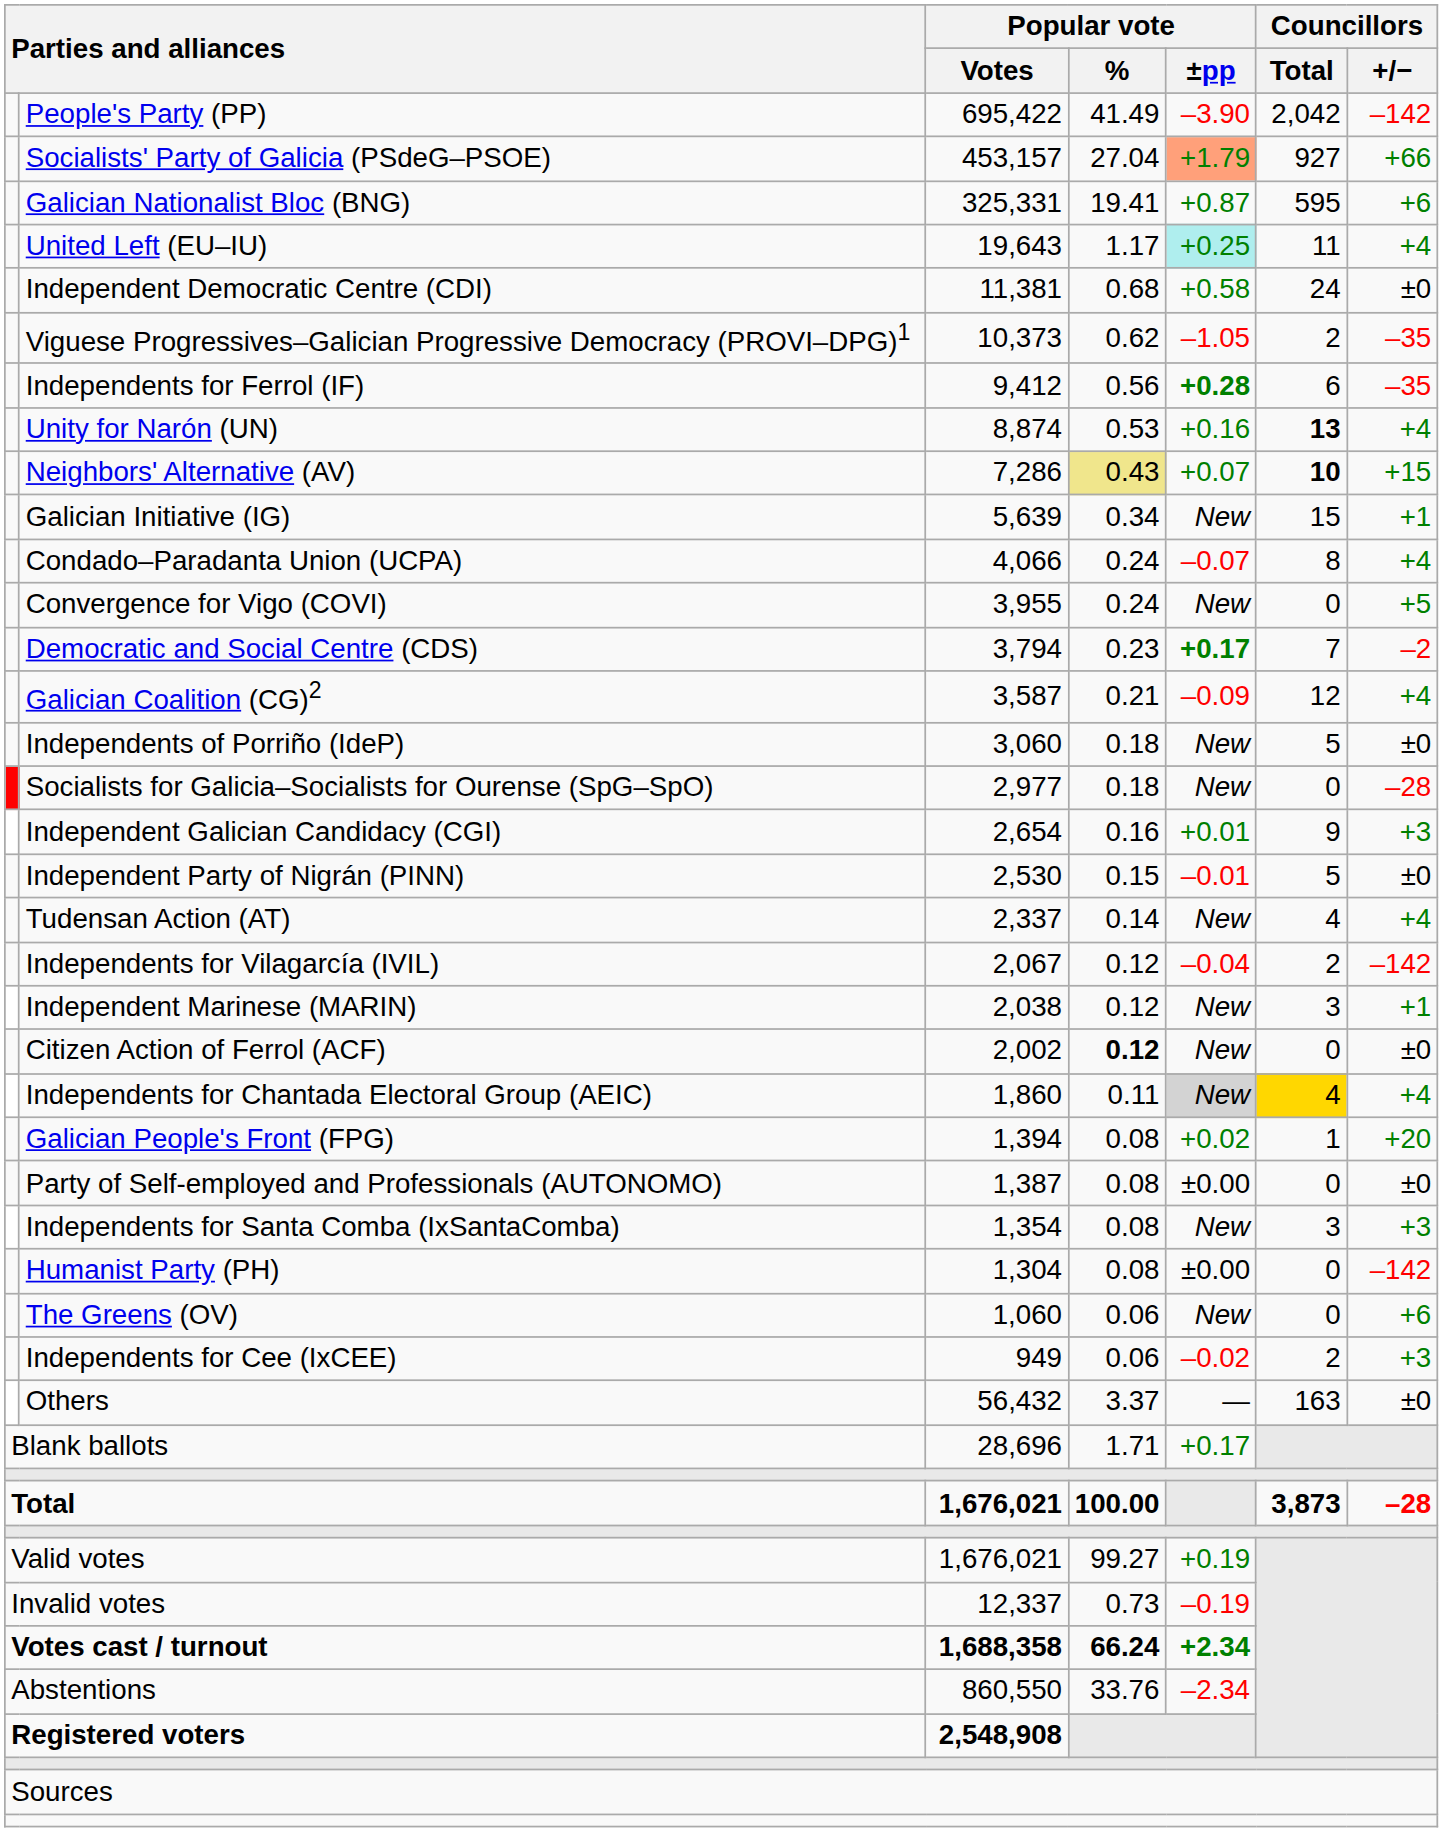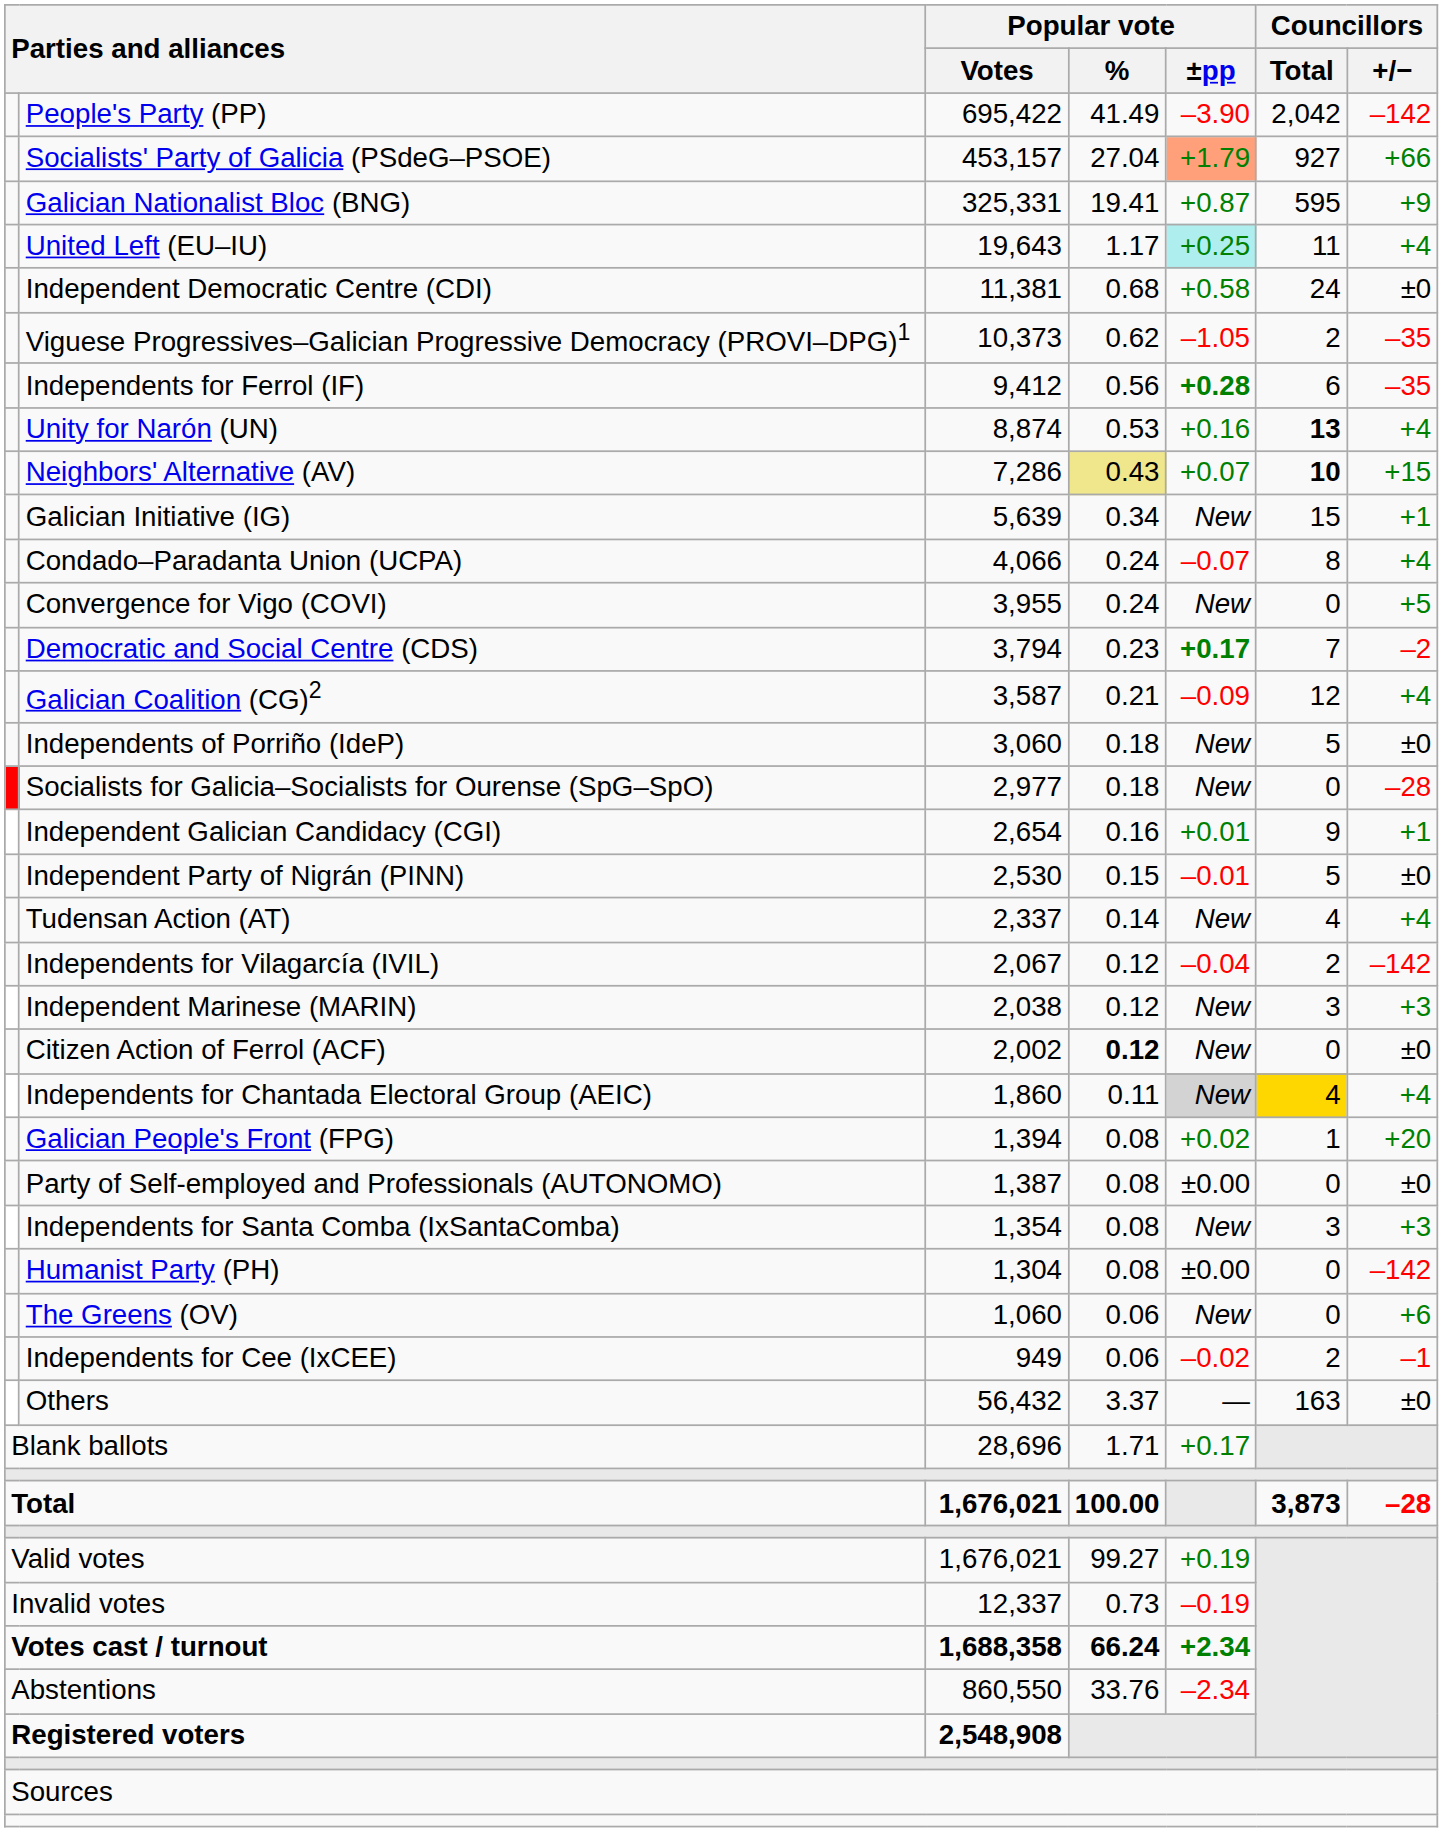 <table class="wikitable" style="text-align:right;">
 <tr>
 <th style="text-align:left;" rowspan="2" colspan="2" width="525">Parties and alliances</th>
 <th colspan="3">Popular vote</th>
 <th colspan="2">Councillors</th>
 </tr>
 <tr>
 <th width="75">Votes</th>
 <th width="45">%</th>
 <th width="45">±<a href='#'>pp</a></th>
 <th width="45">Total</th>
 <th width="45">+/−</th>
 </tr>
 <tr>
 <td width="1" style="color:inherit;background:"></td>
 <td align="left"><a href='#'>People's Party</a> (PP)</td>
 <td>695,422</td>
 <td>41.49</td>
 <td style="color:red;">–3.90</td>
 <td>2,042</td>
 <td style="color:red;">–142</td>
 </tr>
 <tr>
 <td style="color:inherit;background:"></td>
 <td align="left"><a href='#'>Socialists' Party of Galicia</a> (PSdeG–PSOE)</td>
 <td>453,157</td>
 <td>27.04</td>
 <td style="background: lightsalmon; color:green;">+1.79</td>
 <td>927</td>
 <td style="color:green;">+66</td>
 </tr>
 <tr>
 <td style="color:inherit;background:"></td>
 <td align="left"><a href='#'>Galician Nationalist Bloc</a> (BNG)</td>
 <td>325,331</td>
 <td>19.41</td>
 <td style="color:green;">+0.87</td>
 <td>595</td>
-<td style="color:green;">+6</td>
+<td style="color:green;">+9</td>
 </tr>
 <tr>
 <td style="color:inherit;background:"></td>
 <td align="left"><a href='#'>United Left</a> (EU–IU)</td>
 <td>19,643</td>
 <td>1.17</td>
 <td style="background: paleturquoise; color:green;">+0.25</td>
 <td>11</td>
 <td style="color:green;">+4</td>
 </tr>
 <tr>
 <td style="color:inherit;background:"></td>
 <td align="left">Independent Democratic Centre (CDI)</td>
 <td>11,381</td>
 <td>0.68</td>
 <td style="color:green;">+0.58</td>
 <td>24</td>
 <td>±0</td>
 </tr>
 <tr>
 <td style="color:inherit;background:"></td>
 <td align="left">Viguese Progressives–Galician Progressive Democracy (PROVI–DPG)<sup>1</sup></td>
 <td>10,373</td>
 <td>0.62</td>
 <td style="color:red;">–1.05</td>
 <td>2</td>
 <td style="color:red;">–35</td>
 </tr>
 <tr>
 <td style="color:inherit;background:"></td>
 <td align="left">Independents for Ferrol (IF)</td>
 <td>9,412</td>
 <td>0.56</td>
 <td style="color:green;"><strong>+0.28</strong></td>
 <td>6</td>
 <td style="color:red;">–35</td>
 </tr>
 <tr>
 <td style="color:inherit;background:"></td>
 <td align="left"><a href='#'>Unity for Narón</a> (UN)</td>
 <td>8,874</td>
 <td>0.53</td>
 <td style="color:green;">+0.16</td>
 <td><strong>13</strong></td>
 <td style="color:green;">+4</td>
 </tr>
 <tr>
 <td style="color:inherit;background:"></td>
 <td align="left"><a href='#'>Neighbors' Alternative</a> (AV)</td>
 <td>7,286</td>
 <td style="background: khaki;">0.43</td>
 <td style="color:green;">+0.07</td>
 <td><strong>10</strong></td>
 <td style="color:green;">+15</td>
 </tr>
 <tr>
 <td style="color:inherit;background:"></td>
 <td align="left">Galician Initiative (IG)</td>
 <td>5,639</td>
 <td>0.34</td>
 <td><em>New</em></td>
 <td>15</td>
 <td style="color:green;">+1</td>
 </tr>
 <tr>
 <td style="color:inherit;background:"></td>
 <td align="left">Condado–Paradanta Union (UCPA)</td>
 <td>4,066</td>
 <td>0.24</td>
 <td style="color:red;">–0.07</td>
 <td>8</td>
 <td style="color:green;">+4</td>
 </tr>
 <tr>
 <td style="color:inherit;background:"></td>
 <td align="left">Convergence for Vigo (COVI)</td>
 <td>3,955</td>
 <td>0.24</td>
 <td><em>New</em></td>
 <td>0</td>
 <td style="color:green;">+5</td>
 </tr>
 <tr>
 <td style="color:inherit;background:"></td>
 <td align="left"><a href='#'>Democratic and Social Centre</a> (CDS)</td>
 <td>3,794</td>
 <td>0.23</td>
 <td style="color:green;"><strong>+0.17</strong></td>
 <td>7</td>
 <td style="color:red;">–2</td>
 </tr>
 <tr>
 <td style="color:inherit;background:"></td>
 <td align="left"><a href='#'>Galician Coalition</a> (CG)<sup>2</sup></td>
 <td>3,587</td>
 <td>0.21</td>
 <td style="color:red;">–0.09</td>
 <td>12</td>
 <td style="color:green;">+4</td>
 </tr>
 <tr>
 <td style="color:inherit;background:"></td>
 <td align="left">Independents of Porriño (IdeP)</td>
 <td>3,060</td>
 <td>0.18</td>
 <td><em>New</em></td>
 <td>5</td>
 <td>±0</td>
 </tr>
 <tr>
 <td bgcolor="red"></td>
 <td align="left">Socialists for Galicia–Socialists for Ourense (SpG–SpO)</td>
 <td>2,977</td>
 <td>0.18</td>
 <td><em>New</em></td>
 <td>0</td>
 <td style="color:red;">–28</td>
 </tr>
 <tr>
 <td bgcolor="white"></td>
 <td align="left">Independent Galician Candidacy (CGI)</td>
 <td>2,654</td>
 <td>0.16</td>
 <td style="color:green;">+0.01</td>
 <td>9</td>
-<td style="color:green;">+3</td>
+<td style="color:green;">+1</td>
 </tr>
 <tr>
 <td style="color:inherit;background:"></td>
 <td align="left">Independent Party of Nigrán (PINN)</td>
 <td>2,530</td>
 <td>0.15</td>
 <td style="color:red;">–0.01</td>
 <td>5</td>
 <td>±0</td>
 </tr>
 <tr>
 <td style="color:inherit;background:"></td>
 <td align="left">Tudensan Action (AT)</td>
 <td>2,337</td>
 <td>0.14</td>
 <td><em>New</em></td>
 <td>4</td>
 <td style="color:green;">+4</td>
 </tr>
 <tr>
 <td style="color:inherit;background:"></td>
 <td align="left">Independents for Vilagarcía (IVIL)</td>
 <td>2,067</td>
 <td>0.12</td>
 <td style="color:red;">–0.04</td>
 <td>2</td>
 <td style="color:red;">–142</td>
 </tr>
 <tr>
 <td bgcolor="white"></td>
 <td align="left">Independent Marinese (MARIN)</td>
 <td>2,038</td>
 <td>0.12</td>
 <td><em>New</em></td>
 <td>3</td>
-<td style="color:green;">+1</td>
+<td style="color:green;">+3</td>
 </tr>
 <tr>
 <td style="color:inherit;background:"></td>
 <td align="left">Citizen Action of Ferrol (ACF)</td>
 <td>2,002</td>
 <td><strong>0.12</strong></td>
 <td><em>New</em></td>
 <td>0</td>
 <td>±0</td>
 </tr>
 <tr>
 <td bgcolor="white"></td>
 <td align="left">Independents for Chantada Electoral Group (AEIC)</td>
 <td>1,860</td>
 <td>0.11</td>
 <td style="background: lightgrey;"><em>New</em></td>
 <td style="background: gold;">4</td>
 <td style="color:green;">+4</td>
 </tr>
 <tr>
 <td style="color:inherit;background:"></td>
 <td align="left"><a href='#'>Galician People's Front</a> (FPG)</td>
 <td>1,394</td>
 <td>0.08</td>
 <td style="color:green;">+0.02</td>
 <td>1</td>
 <td style="color:green;">+20</td>
 </tr>
 <tr>
 <td style="color:inherit;background:"></td>
 <td align="left">Party of Self-employed and Professionals (AUTONOMO)</td>
 <td>1,387</td>
 <td>0.08</td>
 <td>±0.00</td>
 <td>0</td>
 <td>±0</td>
 </tr>
 <tr>
 <td bgcolor="white"></td>
 <td align="left">Independents for Santa Comba (IxSantaComba)</td>
 <td>1,354</td>
 <td>0.08</td>
 <td><em>New</em></td>
 <td>3</td>
 <td style="color:green;">+3</td>
 </tr>
 <tr>
 <td style="color:inherit;background:"></td>
 <td align="left"><a href='#'>Humanist Party</a> (PH)</td>
 <td>1,304</td>
 <td>0.08</td>
 <td>±0.00</td>
 <td>0</td>
 <td style="color:red;">–142</td>
 </tr>
 <tr>
 <td style="color:inherit;background:"></td>
 <td align="left"><a href='#'>The Greens</a> (OV)</td>
 <td>1,060</td>
 <td>0.06</td>
 <td><em>New</em></td>
 <td>0</td>
 <td style="color:green;">+6</td>
 </tr>
 <tr>
 <td style="color:inherit;background:"></td>
 <td align="left">Independents for Cee (IxCEE)</td>
 <td>949</td>
 <td>0.06</td>
 <td style="color:red;">–0.02</td>
 <td>2</td>
-<td style="color:green;">+3</td>
+<td style="color:red;">–1</td>
 </tr>
 <tr>
 <td bgcolor="white"></td>
 <td align="left">Others</td>
 <td>56,432</td>
 <td>3.37</td>
 <td>—</td>
 <td>163</td>
 <td>±0</td>
 </tr>
 <tr>
 <td align="left" colspan="2">Blank ballots</td>
 <td>28,696</td>
 <td>1.71</td>
 <td style="color:green;">+0.17</td>
 <td bgcolor="#E9E9E9" colspan="2"></td>
 </tr>
 <tr>
 <td colspan="7" bgcolor="#E9E9E9"></td>
 </tr>
 <tr style="font-weight:bold;">
 <td align="left" colspan="2">Total</td>
 <td>1,676,021</td>
 <td>100.00</td>
 <td bgcolor="#E9E9E9"></td>
 <td>3,873</td>
 <td style="color:red;">–28</td>
 </tr>
 <tr>
 <td colspan="7" bgcolor="#E9E9E9"></td>
 </tr>
 <tr>
 <td align="left" colspan="2">Valid votes</td>
 <td>1,676,021</td>
 <td>99.27</td>
 <td style="color:green;">+0.19</td>
 <td bgcolor="#E9E9E9" colspan="2" rowspan="5"></td>
 </tr>
 <tr>
 <td align="left" colspan="2">Invalid votes</td>
 <td>12,337</td>
 <td>0.73</td>
 <td style="color:red;">–0.19</td>
 </tr>
 <tr style="font-weight:bold;">
 <td align="left" colspan="2">Votes cast / turnout</td>
 <td>1,688,358</td>
 <td>66.24</td>
 <td style="color:green;">+2.34</td>
 </tr>
 <tr>
 <td align="left" colspan="2">Abstentions</td>
 <td>860,550</td>
 <td>33.76</td>
 <td style="color:red;">–2.34</td>
 </tr>
 <tr style="font-weight:bold;">
 <td align="left" colspan="2">Registered voters</td>
 <td>2,548,908</td>
 <td bgcolor="#E9E9E9" colspan="2"></td>
 </tr>
 <tr>
 <td colspan="7" bgcolor="#E9E9E9"></td>
 </tr>
 <tr>
 <td align="left" colspan="7">Sources</td>
 </tr>
 <tr>
 <td colspan="7" style="text-align:left; max-width:790px;"></td>
 </tr>
 </table>
